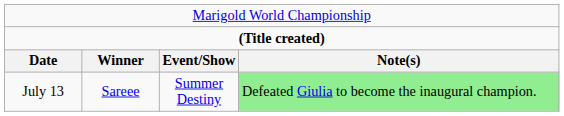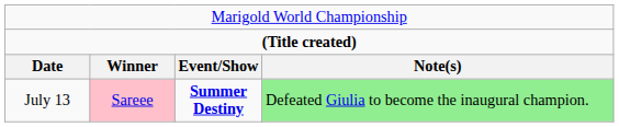 <table class="wikitable" style="text-align:center; width:100%;">
 <tr>
 <td colspan="4" style="text-align: center;"><a href='#'>Marigold World Championship</a></td>
 </tr>
 <tr>
 <td colspan="4" style="text-align: center;"><strong>(Title created)</strong></td>
 </tr>
 <tr>
 <th width=14%>Date</th>
 <th width=14%>Winner</th>
 <th width=14%>Event/Show</th>
 <th width=58%>Note(s)</th>
 </tr>
 <tr>
 <td>July 13</td>
-<td><a href='#'>Sareee</a></td>
-<td><a href='#'>Summer Destiny</a></td>
+<td style="background: pink;"><a href='#'>Sareee</a></td>
+<td><strong><a href='#'>Summer Destiny</a></strong></td>
 <td align=left style="background: lightgreen;">Defeated <a href='#'>Giulia</a> to become the inaugural champion.</td>
 </tr>
 </table>
